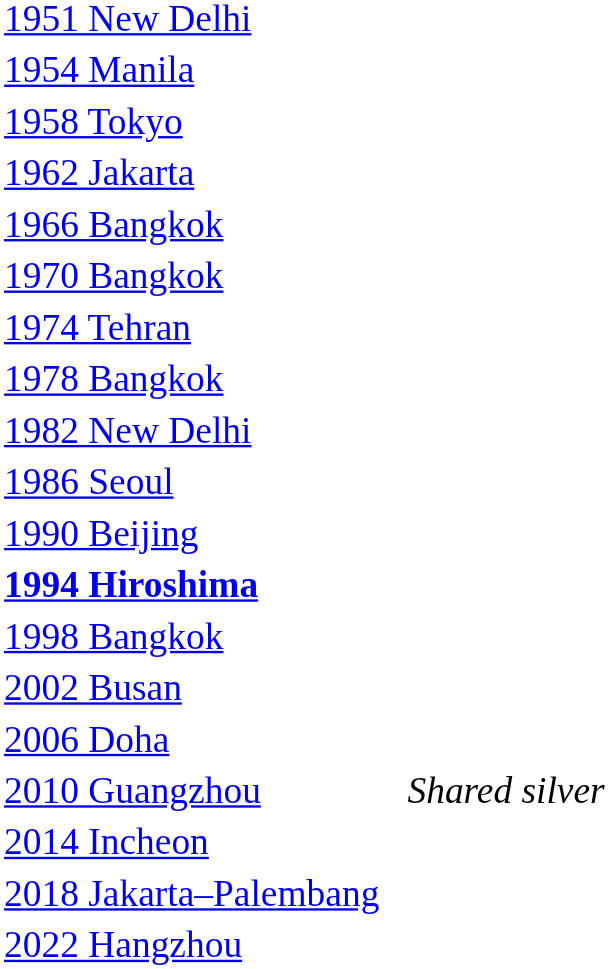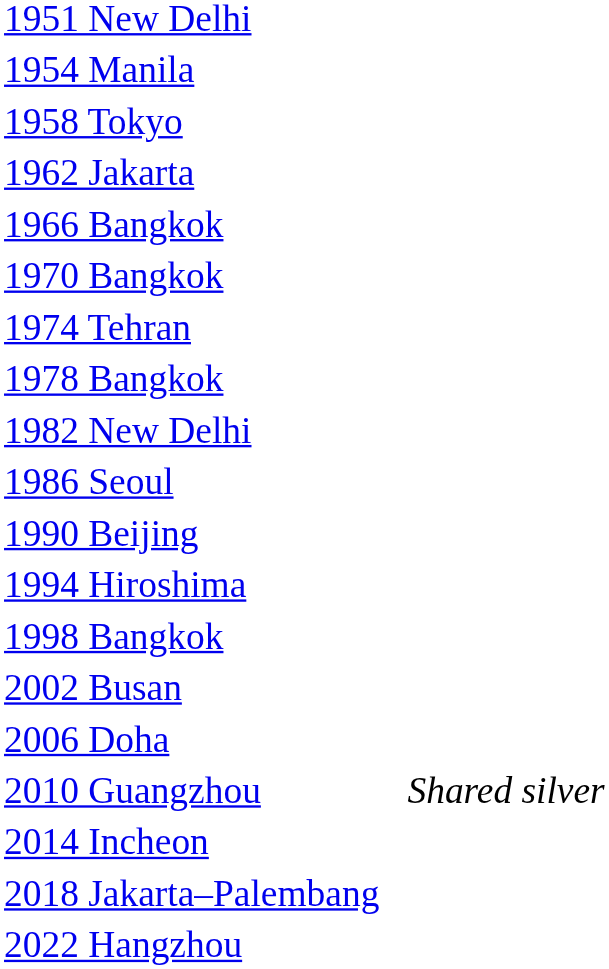 <table>
 <tr>
 <td><a href='#'>1951 New Delhi</a></td>
 <td></td>
 <td></td>
 <td></td>
 </tr>
 <tr>
 <td><a href='#'>1954 Manila</a></td>
 <td></td>
 <td></td>
 <td></td>
 </tr>
 <tr>
 <td><a href='#'>1958 Tokyo</a></td>
 <td></td>
 <td></td>
 <td></td>
 </tr>
 <tr>
 <td><a href='#'>1962 Jakarta</a></td>
 <td></td>
 <td></td>
 <td></td>
 </tr>
 <tr>
 <td><a href='#'>1966 Bangkok</a></td>
 <td></td>
 <td></td>
 <td></td>
 </tr>
 <tr>
 <td><a href='#'>1970 Bangkok</a></td>
 <td></td>
 <td></td>
 <td></td>
 </tr>
 <tr>
 <td><a href='#'>1974 Tehran</a></td>
 <td></td>
 <td></td>
 <td></td>
 </tr>
 <tr>
 <td><a href='#'>1978 Bangkok</a></td>
 <td></td>
 <td></td>
 <td></td>
 </tr>
 <tr>
 <td><a href='#'>1982 New Delhi</a></td>
 <td></td>
 <td></td>
 <td></td>
 </tr>
 <tr>
 <td><a href='#'>1986 Seoul</a></td>
 <td></td>
 <td></td>
 <td></td>
 </tr>
 <tr>
 <td><a href='#'>1990 Beijing</a></td>
 <td></td>
 <td></td>
 <td></td>
 </tr>
 <tr>
-<td><strong><a href='#'>1994 Hiroshima</a></strong></td>
+<td><a href='#'>1994 Hiroshima</a></td>
 <td></td>
 <td></td>
 <td></td>
 </tr>
 <tr>
 <td><a href='#'>1998 Bangkok</a></td>
 <td></td>
 <td></td>
 <td></td>
 </tr>
 <tr>
 <td><a href='#'>2002 Busan</a></td>
 <td></td>
 <td></td>
 <td></td>
 </tr>
 <tr>
 <td><a href='#'>2006 Doha</a></td>
 <td></td>
 <td></td>
 <td></td>
 </tr>
 <tr>
 <td rowspan=2><a href='#'>2010 Guangzhou</a></td>
 <td rowspan=2></td>
 <td></td>
 <td rowspan=2><em>Shared silver</em></td>
 </tr>
 <tr>
 <td></td>
 </tr>
 <tr>
 <td><a href='#'>2014 Incheon</a></td>
 <td></td>
 <td></td>
 <td></td>
 </tr>
 <tr>
 <td><a href='#'>2018 Jakarta–Palembang</a></td>
 <td></td>
 <td></td>
 <td></td>
 </tr>
 <tr>
 <td><a href='#'>2022 Hangzhou</a></td>
 <td></td>
 <td></td>
 <td></td>
 </tr>
 </table>
